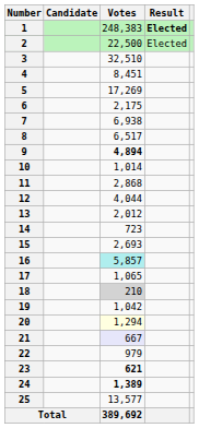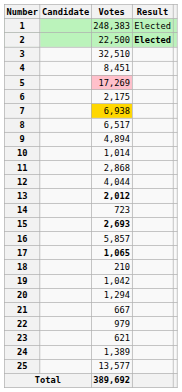 <table class="wikitable sortable">
 <tr>
 <th scope="col">Number</th>
 <th scope="col">Candidate</th>
 <th scope="col">Votes</th>
 <th scope="col">Result</th>
 <th scope="col" class="unsortable"></th>
 </tr>
 <tr bgcolor=bbf3bb>
 <th scope="row">1</th>
 <td></td>
 <td style="text-align:right">248,383</td>
-<td><strong>Elected</strong></td>
+<td>Elected</td>
 <td></td>
 </tr>
 <tr bgcolor=bbf3bb>
 <th scope="row">2</th>
 <td></td>
 <td style="text-align:right">22,500</td>
-<td>Elected</td>
+<td><strong>Elected</strong></td>
 <td></td>
 </tr>
 <tr>
 <th scope="row">3</th>
 <td></td>
 <td style="text-align:right">32,510</td>
 <td></td>
 <td></td>
 </tr>
 <tr>
 <th scope="row">4</th>
 <td></td>
 <td style="text-align:right">8,451</td>
 <td></td>
 <td></td>
 </tr>
 <tr>
 <th scope="row">5</th>
 <td></td>
-<td style="text-align:right">17,269</td>
+<td style="background: pink; text-align:right">17,269</td>
 <td></td>
 <td></td>
 </tr>
 <tr>
 <th scope="row">6</th>
 <td></td>
 <td style="text-align:right">2,175</td>
 <td></td>
 <td></td>
 </tr>
 <tr>
 <th scope="row">7</th>
 <td></td>
-<td style="text-align:right">6,938</td>
+<td style="background: gold; text-align:right">6,938</td>
 <td></td>
 <td></td>
 </tr>
 <tr>
 <th scope="row">8</th>
 <td></td>
 <td style="text-align:right">6,517</td>
 <td></td>
 <td></td>
 </tr>
 <tr>
 <th scope="row">9</th>
 <td></td>
-<td style="text-align:right"><strong>4,894</strong></td>
+<td style="text-align:right">4,894</td>
 <td></td>
 <td></td>
 </tr>
 <tr>
 <th scope="row">10</th>
 <td></td>
 <td style="text-align:right">1,014</td>
 <td></td>
 <td></td>
 </tr>
 <tr>
 <th scope="row">11</th>
 <td></td>
 <td style="text-align:right">2,868</td>
 <td></td>
 <td></td>
 </tr>
 <tr>
 <th scope="row">12</th>
 <td></td>
 <td style="text-align:right">4,044</td>
 <td></td>
 <td></td>
 </tr>
 <tr>
 <th scope="row">13</th>
 <td></td>
-<td style="text-align:right">2,012</td>
+<td style="text-align:right"><strong>2,012</strong></td>
 <td></td>
 <td></td>
 </tr>
 <tr>
 <th scope="row">14</th>
 <td></td>
 <td style="text-align:right">723</td>
 <td></td>
 <td></td>
 </tr>
 <tr>
 <th scope="row">15</th>
 <td></td>
-<td style="text-align:right">2,693</td>
+<td style="text-align:right"><strong>2,693</strong></td>
 <td></td>
 <td></td>
 </tr>
 <tr>
 <th scope="row">16</th>
 <td></td>
-<td style="background: paleturquoise; text-align:right">5,857</td>
+<td style="text-align:right">5,857</td>
 <td></td>
 <td></td>
 </tr>
 <tr>
 <th scope="row">17</th>
 <td></td>
-<td style="text-align:right">1,065</td>
+<td style="text-align:right"><strong>1,065</strong></td>
 <td></td>
 <td></td>
 </tr>
 <tr>
 <th scope="row">18</th>
 <td></td>
-<td style="background: lightgrey; text-align:right">210</td>
+<td style="text-align:right">210</td>
 <td></td>
 <td></td>
 </tr>
 <tr>
 <th scope="row">19</th>
 <td></td>
 <td style="text-align:right">1,042</td>
 <td></td>
 <td></td>
 </tr>
 <tr>
 <th scope="row">20</th>
 <td></td>
-<td style="background: lightyellow; text-align:right">1,294</td>
+<td style="text-align:right">1,294</td>
 <td></td>
 <td></td>
 </tr>
 <tr>
 <th scope="row">21</th>
 <td></td>
-<td style="background: lavender; text-align:right">667</td>
+<td style="text-align:right">667</td>
 <td></td>
 <td></td>
 </tr>
 <tr>
 <th scope="row">22</th>
 <td></td>
 <td style="text-align:right">979</td>
 <td></td>
 <td></td>
 </tr>
 <tr>
 <th scope="row">23</th>
 <td></td>
-<td style="text-align:right"><strong>621</strong></td>
+<td style="text-align:right">621</td>
 <td></td>
 <td></td>
 </tr>
 <tr>
 <th scope="row">24</th>
 <td></td>
-<td style="text-align:right"><strong>1,389</strong></td>
+<td style="text-align:right">1,389</td>
 <td></td>
 <td></td>
 </tr>
 <tr>
 <th scope="row">25</th>
 <td></td>
 <td style="text-align:right">13,577</td>
 <td></td>
 <td></td>
 </tr>
 <tr class="sortbottom">
 <th scope="row" colspan="2">Total</th>
 <th style="text-align:right">389,692</th>
 <th></th>
 <th></th>
 </tr>
 </table>
